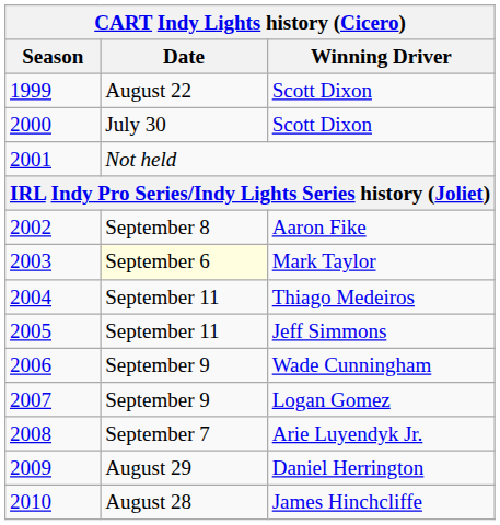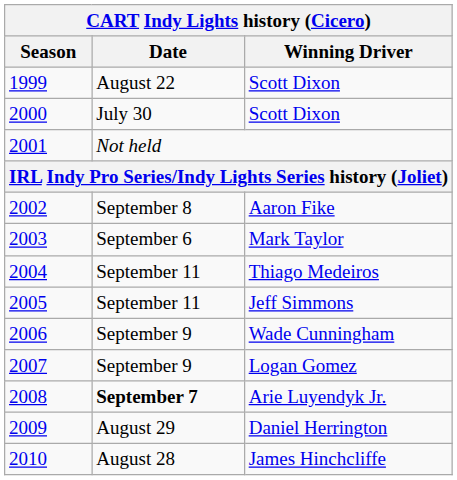 <table class="wikitable" style="font-size: 95%;">
 <tr>
 <th colspan=3><a href='#'>CART</a> <a href='#'>Indy Lights</a> history (<a href='#'>Cicero</a>)</th>
 </tr>
 <tr>
 <th>Season</th>
 <th>Date</th>
 <th>Winning Driver</th>
 </tr>
 <tr>
 <td><a href='#'>1999</a></td>
 <td>August 22</td>
 <td> <a href='#'>Scott Dixon</a></td>
 </tr>
 <tr>
 <td><a href='#'>2000</a></td>
 <td>July 30</td>
 <td> <a href='#'>Scott Dixon</a></td>
 </tr>
 <tr>
 <td><a href='#'>2001</a></td>
 <td colspan=2><em>Not held</em></td>
 </tr>
 <tr>
 <th colspan=3><a href='#'>IRL</a> <a href='#'>Indy Pro Series/Indy Lights Series</a> history (<a href='#'>Joliet</a>)</th>
 </tr>
 <tr>
 <td><a href='#'>2002</a></td>
 <td>September 8</td>
 <td> <a href='#'>Aaron Fike</a></td>
 </tr>
 <tr>
 <td><a href='#'>2003</a></td>
-<td style="background: lightyellow;">September 6</td>
+<td>September 6</td>
 <td> <a href='#'>Mark Taylor</a></td>
 </tr>
 <tr>
 <td><a href='#'>2004</a></td>
 <td>September 11</td>
 <td> <a href='#'>Thiago Medeiros</a></td>
 </tr>
 <tr>
 <td><a href='#'>2005</a></td>
 <td>September 11</td>
 <td> <a href='#'>Jeff Simmons</a></td>
 </tr>
 <tr>
 <td><a href='#'>2006</a></td>
 <td>September 9</td>
 <td> <a href='#'>Wade Cunningham</a></td>
 </tr>
 <tr>
 <td><a href='#'>2007</a></td>
 <td>September 9</td>
 <td> <a href='#'>Logan Gomez</a></td>
 </tr>
 <tr>
 <td><a href='#'>2008</a></td>
-<td>September 7</td>
+<td><strong>September 7</strong></td>
 <td> <a href='#'>Arie Luyendyk Jr.</a></td>
 </tr>
 <tr>
 <td><a href='#'>2009</a></td>
 <td>August 29</td>
 <td> <a href='#'>Daniel Herrington</a></td>
 </tr>
 <tr>
 <td><a href='#'>2010</a></td>
 <td>August 28</td>
 <td> <a href='#'>James Hinchcliffe</a></td>
 </tr>
 </table>
